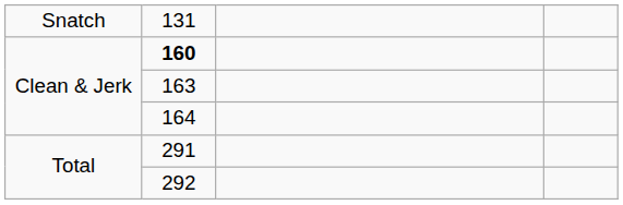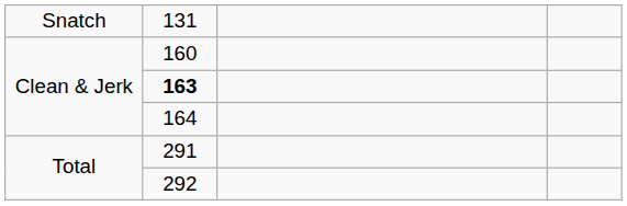 <table class = "wikitable" style="text-align:center;">
 <tr>
 <td width=100>Snatch</td>
 <td width=50>131</td>
 <td width=250 align=left></td>
 <td width=50></td>
 </tr>
 <tr>
 <td rowspan=3>Clean & Jerk</td>
-<td><strong>160</strong></td>
+<td>160</td>
 <td align=left></td>
 <td></td>
 </tr>
 <tr>
-<td>163</td>
+<td><strong>163</strong></td>
 <td align=left></td>
 <td></td>
 </tr>
 <tr>
 <td>164</td>
 <td align=left></td>
 <td></td>
 </tr>
 <tr>
 <td rowspan=2>Total</td>
 <td>291</td>
 <td align=left></td>
 <td></td>
 </tr>
 <tr>
 <td>292</td>
 <td align=left></td>
 <td></td>
 </tr>
 </table>
